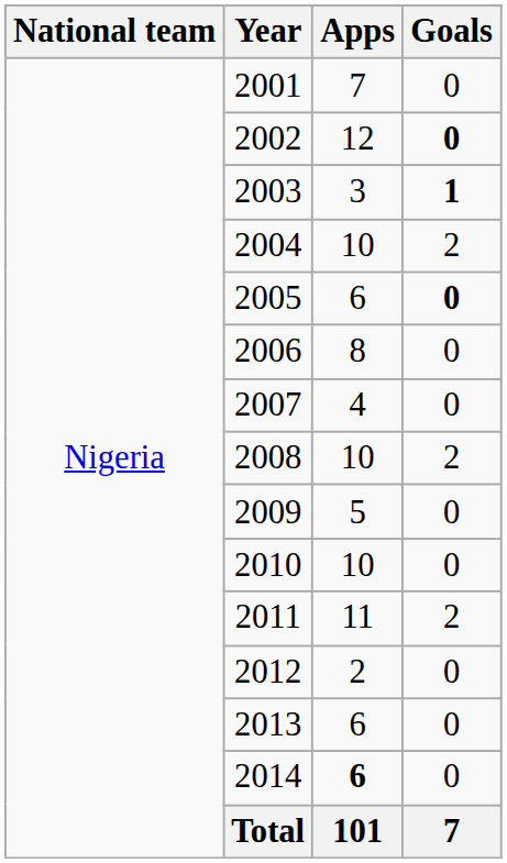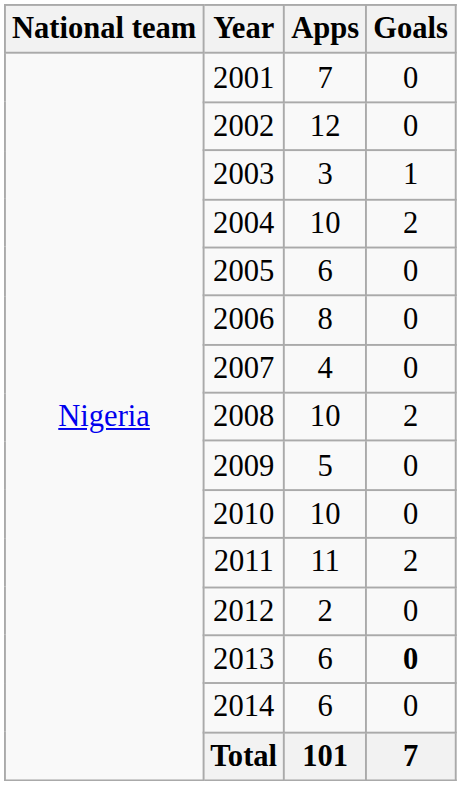 <table class="wikitable" style="text-align:center">
 <tr>
 <th>National team</th>
 <th>Year</th>
 <th>Apps</th>
 <th>Goals</th>
 </tr>
 <tr>
 <td rowspan="16"><a href='#'>Nigeria</a></td>
 <td>2001</td>
 <td>7</td>
 <td>0</td>
 </tr>
 <tr>
 <td>2002</td>
 <td>12</td>
-<td><strong>0</strong></td>
+<td>0</td>
 </tr>
 <tr>
 <td>2003</td>
 <td>3</td>
-<td><strong>1</strong></td>
+<td>1</td>
 </tr>
 <tr>
 <td>2004</td>
 <td>10</td>
 <td>2</td>
 </tr>
 <tr>
 <td>2005</td>
 <td>6</td>
-<td><strong>0</strong></td>
+<td>0</td>
 </tr>
 <tr>
 <td>2006</td>
 <td>8</td>
 <td>0</td>
 </tr>
 <tr>
 <td>2007</td>
 <td>4</td>
 <td>0</td>
 </tr>
 <tr>
 <td>2008</td>
 <td>10</td>
 <td>2</td>
 </tr>
 <tr>
 <td>2009</td>
 <td>5</td>
 <td>0</td>
 </tr>
 <tr>
 <td>2010</td>
 <td>10</td>
 <td>0</td>
 </tr>
 <tr>
 <td>2011</td>
 <td>11</td>
 <td>2</td>
 </tr>
 <tr>
 <td>2012</td>
 <td>2</td>
 <td>0</td>
 </tr>
 <tr>
 <td>2013</td>
 <td>6</td>
-<td>0</td>
+<td><strong>0</strong></td>
 </tr>
 <tr>
 <td>2014</td>
-<td><strong>6</strong></td>
+<td>6</td>
 <td>0</td>
 </tr>
 <tr>
 <th>Total</th>
 <th>101</th>
 <th>7</th>
 </tr>
 </table>
